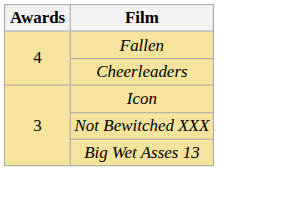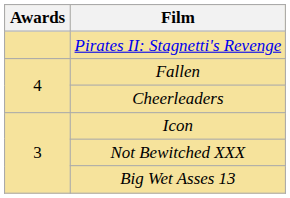 <table class="wikitable" style="text-align: center; background: #f6e39c">
 <tr>
 <th scope="col" width="55">Awards</th>
 <th scope="col" align="center">Film</th>
+</tr>
+<tr>
+<td></td>
+<td><em><a href='#'>Pirates II: Stagnetti's Revenge</a></em></td>
 </tr>
 <tr>
 <td rowspan=2 style="text-align:center">4</td>
 <td><em>Fallen</em></td>
 </tr>
 <tr>
 <td><em>Cheerleaders</em></td>
 </tr>
 <tr>
 <td rowspan=3 style="text-align:center">3</td>
 <td><em>Icon</em></td>
 </tr>
 <tr>
 <td><em>Not Bewitched XXX</em></td>
 </tr>
 <tr>
 <td><em>Big Wet Asses 13</em></td>
 </tr>
 </table>
